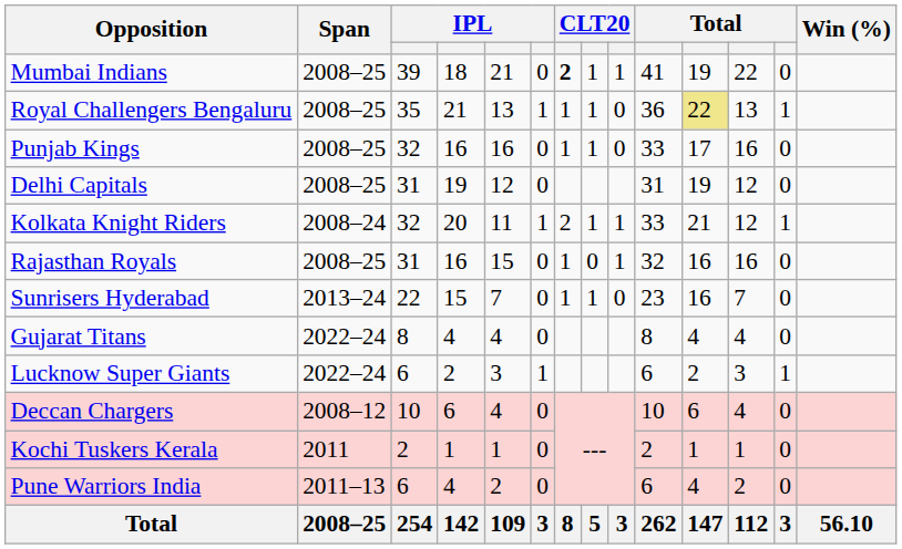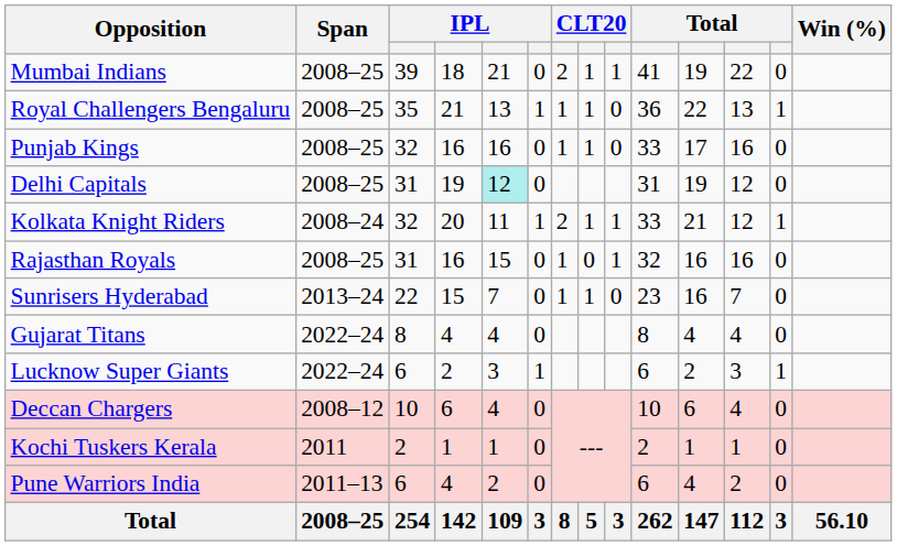 <table class="wikitable sortable defaultcenter col1left" style="font-size: 100%">
 <tr>
 <th rowspan="2">Opposition</th>
 <th rowspan="2">Span</th>
 <th colspan="4"><a href='#'>IPL</a></th>
 <th colspan="3"><a href='#'>CLT20</a></th>
 <th colspan="4">Total</th>
 <th rowspan="2">Win (%)</th>
 </tr>
 <tr>
 <th></th>
 <th></th>
 <th></th>
 <th></th>
 <th></th>
 <th></th>
 <th></th>
 <th></th>
 <th></th>
 <th></th>
 <th></th>
 </tr>
 <tr>
 <td><a href='#'>Mumbai Indians</a></td>
 <td>2008–25</td>
 <td>39</td>
 <td>18</td>
 <td>21</td>
 <td>0</td>
-<td><strong>2</strong></td>
+<td>2</td>
 <td>1</td>
 <td>1</td>
 <td>41</td>
 <td>19</td>
 <td>22</td>
 <td>0</td>
 <td></td>
 </tr>
 <tr>
 <td><a href='#'>Royal Challengers Bengaluru</a></td>
 <td>2008–25</td>
 <td>35</td>
 <td>21</td>
 <td>13</td>
 <td>1</td>
 <td>1</td>
 <td>1</td>
 <td>0</td>
 <td>36</td>
-<td style="background: khaki;">22</td>
+<td>22</td>
 <td>13</td>
 <td>1</td>
 <td></td>
 </tr>
 <tr>
 <td><a href='#'>Punjab Kings</a></td>
 <td>2008–25</td>
 <td>32</td>
 <td>16</td>
 <td>16</td>
 <td>0</td>
 <td>1</td>
 <td>1</td>
 <td>0</td>
 <td>33</td>
 <td>17</td>
 <td>16</td>
 <td>0</td>
 <td></td>
 </tr>
 <tr>
 <td><a href='#'>Delhi Capitals</a></td>
 <td>2008–25</td>
 <td>31</td>
 <td>19</td>
-<td>12</td>
+<td style="background: paleturquoise;">12</td>
 <td>0</td>
 <td></td>
 <td></td>
 <td></td>
 <td>31</td>
 <td>19</td>
 <td>12</td>
 <td>0</td>
 <td></td>
 </tr>
 <tr>
 <td><a href='#'>Kolkata Knight Riders</a></td>
 <td>2008–24</td>
 <td>32</td>
 <td>20</td>
 <td>11</td>
 <td>1</td>
 <td>2</td>
 <td>1</td>
 <td>1</td>
 <td>33</td>
 <td>21</td>
 <td>12</td>
 <td>1</td>
 <td></td>
 </tr>
 <tr>
 <td><a href='#'>Rajasthan Royals</a></td>
 <td>2008–25</td>
 <td>31</td>
 <td>16</td>
 <td>15</td>
 <td>0</td>
 <td>1</td>
 <td>0</td>
 <td>1</td>
 <td>32</td>
 <td>16</td>
 <td>16</td>
 <td>0</td>
 <td></td>
 </tr>
 <tr>
 <td><a href='#'>Sunrisers Hyderabad</a></td>
 <td>2013–24</td>
 <td>22</td>
 <td>15</td>
 <td>7</td>
 <td>0</td>
 <td>1</td>
 <td>1</td>
 <td>0</td>
 <td>23</td>
 <td>16</td>
 <td>7</td>
 <td>0</td>
 <td></td>
 </tr>
 <tr>
 <td><a href='#'>Gujarat Titans</a></td>
 <td>2022–24</td>
 <td>8</td>
 <td>4</td>
 <td>4</td>
 <td>0</td>
 <td></td>
 <td></td>
 <td></td>
 <td>8</td>
 <td>4</td>
 <td>4</td>
 <td>0</td>
 <td></td>
 </tr>
 <tr>
 <td><a href='#'>Lucknow Super Giants</a></td>
 <td>2022–24</td>
 <td>6</td>
 <td>2</td>
 <td>3</td>
 <td>1</td>
 <td></td>
 <td></td>
 <td></td>
 <td>6</td>
 <td>2</td>
 <td>3</td>
 <td>1</td>
 <td></td>
 </tr>
 <tr style="background:#fdd4d4;">
 <td><a href='#'>Deccan Chargers</a></td>
 <td>2008–12</td>
 <td>10</td>
 <td>6</td>
 <td>4</td>
 <td>0</td>
 <td colspan="3" rowspan="3" align="center">---</td>
 <td>10</td>
 <td>6</td>
 <td>4</td>
 <td>0</td>
 <td></td>
 </tr>
 <tr style="background:#fdd4d4;">
 <td><a href='#'>Kochi Tuskers Kerala</a></td>
 <td>2011</td>
 <td>2</td>
 <td>1</td>
 <td>1</td>
 <td>0</td>
 <td>2</td>
 <td>1</td>
 <td>1</td>
 <td>0</td>
 <td></td>
 </tr>
 <tr style="background:#fdd4d4;">
 <td><a href='#'>Pune Warriors India</a></td>
 <td>2011–13</td>
 <td>6</td>
 <td>4</td>
 <td>2</td>
 <td>0</td>
 <td>6</td>
 <td>4</td>
 <td>2</td>
 <td>0</td>
 <td></td>
 </tr>
 <tr>
 <th>Total</th>
 <th>2008–25</th>
 <th>254</th>
 <th>142</th>
 <th>109</th>
 <th>3</th>
 <th>8</th>
 <th>5</th>
 <th>3</th>
 <th>262</th>
 <th>147</th>
 <th>112</th>
 <th>3</th>
 <th>56.10</th>
 </tr>
 </table>
